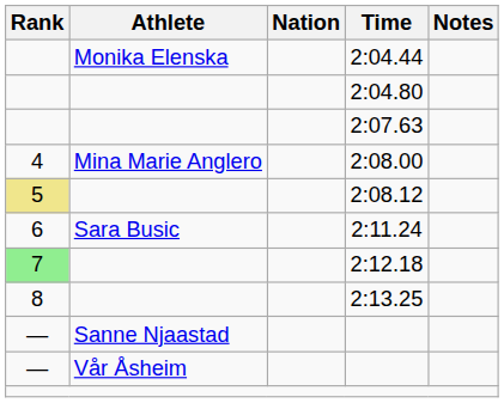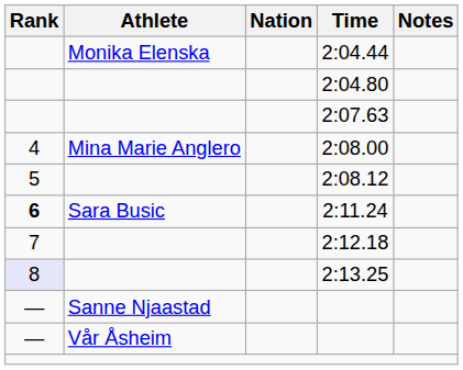 <table class="wikitable sortable" style="text-align:center;">
 <tr>
 <th scope="col" style="width: 10px;">Rank</th>
 <th scope="col">Athlete</th>
 <th scope="col">Nation</th>
 <th scope="col">Time</th>
 <th scope="col">Notes</th>
 </tr>
 <tr>
 <td></td>
 <td align=left><a href='#'>Monika Elenska</a></td>
 <td align=left></td>
 <td>2:04.44</td>
 <td></td>
 </tr>
 <tr>
 <td></td>
 <td align=left></td>
 <td align=left></td>
 <td>2:04.80</td>
 <td></td>
 </tr>
 <tr>
 <td></td>
 <td align=left></td>
 <td align=left></td>
 <td>2:07.63</td>
 <td></td>
 </tr>
 <tr>
 <td>4</td>
 <td align=left><a href='#'>Mina Marie Anglero</a></td>
 <td align=left></td>
 <td>2:08.00</td>
 <td></td>
 </tr>
 <tr>
-<td style="background: khaki;">5</td>
+<td>5</td>
 <td align=left></td>
 <td align=left></td>
 <td>2:08.12</td>
 <td></td>
 </tr>
 <tr>
-<td>6</td>
+<td><strong>6</strong></td>
 <td align=left><a href='#'>Sara Busic</a></td>
 <td align=left></td>
 <td>2:11.24</td>
 <td></td>
 </tr>
 <tr>
-<td style="background: lightgreen;">7</td>
+<td>7</td>
 <td align=left></td>
 <td align=left></td>
 <td>2:12.18</td>
 <td></td>
 </tr>
 <tr>
-<td>8</td>
+<td style="background: lavender;">8</td>
 <td align=left></td>
 <td align=left></td>
 <td>2:13.25</td>
 <td></td>
 </tr>
 <tr>
 <td>—</td>
 <td align=left><a href='#'>Sanne Njaastad</a></td>
 <td align=left></td>
 <td></td>
 <td></td>
 </tr>
 <tr>
 <td>—</td>
 <td align=left><a href='#'>Vår Åsheim</a></td>
 <td align=left></td>
 <td></td>
 <td></td>
 </tr>
 <tr class="sortbottom">
 <td colspan="5"></td>
 </tr>
 </table>
